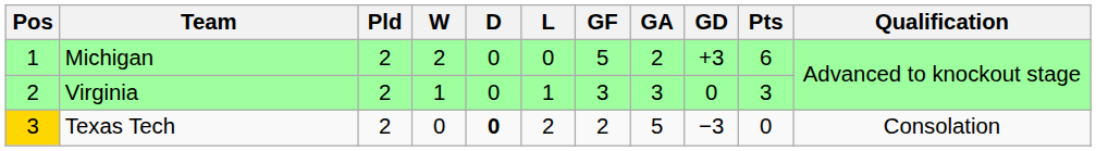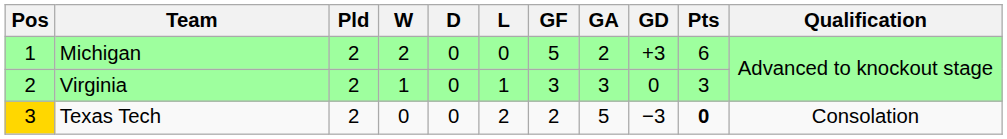 <table class="wikitable" style="text-align:center; margin: 1em auto">
 <tr>
 <th style="width:2em">Pos</th>
 <th style="width:13em">Team</th>
 <th style="width:2em">Pld</th>
 <th style="width:2em">W</th>
 <th style="width:2em">D</th>
 <th style="width:2em">L</th>
 <th style="width:2em">GF</th>
 <th style="width:2em">GA</th>
 <th style="width:2em">GD</th>
 <th style="width:2em">Pts</th>
 <th style="width:13em">Qualification</th>
 </tr>
 <tr bgcolor="#9eff9e">
 <td>1</td>
 <td style="text-align:left">Michigan</td>
 <td>2</td>
 <td>2</td>
 <td>0</td>
 <td>0</td>
 <td>5</td>
 <td>2</td>
 <td>+3</td>
 <td>6</td>
 <td rowspan="2">Advanced to knockout stage</td>
 </tr>
 <tr bgcolor="#9eff9e">
 <td>2</td>
 <td style="text-align:left">Virginia</td>
 <td>2</td>
 <td>1</td>
 <td>0</td>
 <td>1</td>
 <td>3</td>
 <td>3</td>
 <td>0</td>
 <td>3</td>
 </tr>
 <tr>
 <td style="background: gold;">3</td>
 <td style="text-align:left">Texas Tech</td>
 <td>2</td>
 <td>0</td>
-<td><strong>0</strong></td>
+<td>0</td>
 <td>2</td>
 <td>2</td>
 <td>5</td>
 <td>−3</td>
-<td>0</td>
+<td><strong>0</strong></td>
 <td>Consolation</td>
 </tr>
 </table>
